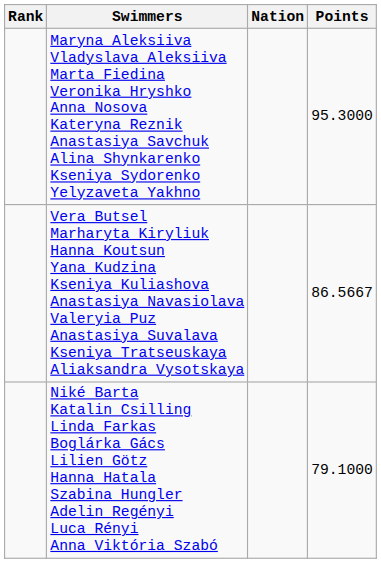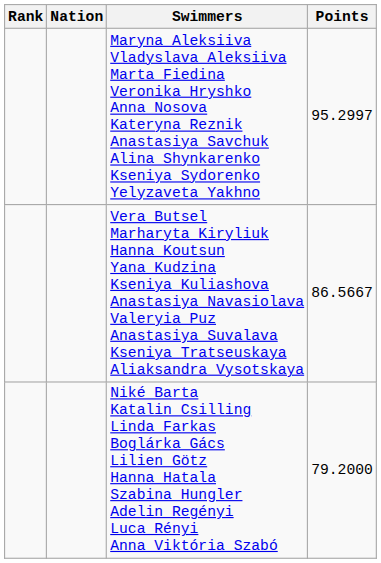 <table class="wikitable sortable" style="text-align:center">
 <tr>
 <th>Rank</th>
+<th>Nation</th>
 <th class=unsortable>Swimmers</th>
-<th>Nation</th>
 <th>Points</th>
 </tr>
 <tr>
 <td></td>
+<td align=left></td>
 <td align=left><a href='#'>Maryna Aleksiiva</a><br><a href='#'>Vladyslava Aleksiiva</a><br><a href='#'>Marta Fiedina</a><br><a href='#'>Veronika Hryshko</a><br><a href='#'>Anna Nosova</a><br><a href='#'>Kateryna Reznik</a><br><a href='#'>Anastasiya Savchuk</a><br><a href='#'>Alina Shynkarenko</a><br><a href='#'>Kseniya Sydorenko</a><br><a href='#'>Yelyzaveta Yakhno</a></td>
-<td align=left></td>
-<td>95.3000</td>
+<td>95.2997</td>
 </tr>
 <tr>
 <td></td>
+<td align=left></td>
 <td align=left><a href='#'>Vera Butsel</a><br><a href='#'>Marharyta Kiryliuk</a><br><a href='#'>Hanna Koutsun</a><br><a href='#'>Yana Kudzina</a><br><a href='#'>Kseniya Kuliashova</a><br><a href='#'>Anastasiya Navasiolava</a><br><a href='#'>Valeryia Puz</a><br><a href='#'>Anastasiya Suvalava</a><br><a href='#'>Kseniya Tratseuskaya</a><br><a href='#'>Aliaksandra Vysotskaya</a></td>
-<td align=left></td>
 <td>86.5667</td>
 </tr>
 <tr>
 <td></td>
+<td align=left></td>
 <td align=left><a href='#'>Niké Barta</a><br><a href='#'>Katalin Csilling</a><br><a href='#'>Linda Farkas</a><br><a href='#'>Boglárka Gács</a><br><a href='#'>Lilien Götz</a><br><a href='#'>Hanna Hatala</a><br><a href='#'>Szabina Hungler</a><br><a href='#'>Adelin Regényi </a><br><a href='#'>Luca Rényi</a><br><a href='#'>Anna Viktória Szabó</a></td>
-<td align=left></td>
-<td>79.1000</td>
+<td>79.2000</td>
 </tr>
 </table>
